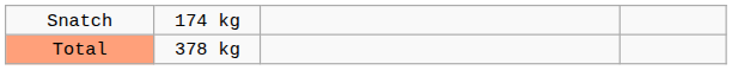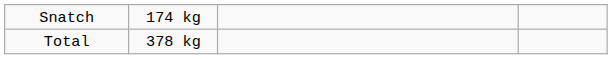 <table class = "wikitable" style="text-align:center;">
 <tr>
 <td width=100>Snatch</td>
 <td width=70>174 kg</td>
 <td width=250 align=left></td>
 <td width=70></td>
 </tr>
 <tr>
-<td style="background: lightsalmon;">Total</td>
+<td>Total</td>
 <td>378 kg</td>
 <td align=left></td>
 <td></td>
 </tr>
 </table>
